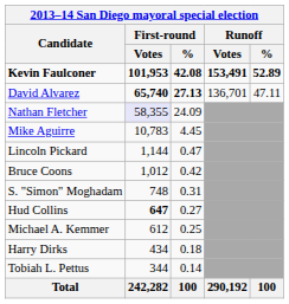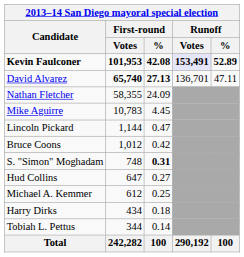 <table class=wikitable>
 <tr>
 <th colspan=5><a href='#'>2013–14 San Diego mayoral special election</a></th>
 </tr>
 <tr>
 <th colspan=1 rowspan=2>Candidate</th>
 <th colspan=2><strong>First-round</strong></th>
 <th colspan=2><strong>Runoff</strong></th>
 </tr>
 <tr>
 <th>Votes</th>
 <th>%</th>
 <th>Votes</th>
 <th>%</th>
 </tr>
 <tr>
 <td><strong>Kevin Faulconer</strong></td>
 <td align="right"><strong>101,953</strong></td>
 <td align="right"><strong>42.08</strong></td>
-<td align="right"><strong>153,491</strong></td>
+<td align="right" style="background: lavender;"><strong>153,491</strong></td>
 <td align="right"><strong>52.89</strong></td>
 </tr>
 <tr>
 <td><a href='#'>David Alvarez</a></td>
 <td align="right"><strong>65,740</strong></td>
 <td align="right"><strong>27.13</strong></td>
 <td align="right">136,701</td>
 <td align="right">47.11</td>
 </tr>
 <tr>
 <td><a href='#'>Nathan Fletcher</a></td>
-<td align="right" style="background: lavender;">58,355</td>
+<td align="right">58,355</td>
 <td align="right">24.09</td>
 <td colspan=2 bgcolor=darkgray></td>
 </tr>
 <tr>
 <td><a href='#'>Mike Aguirre</a></td>
 <td align="right">10,783</td>
 <td align="right">4.45</td>
 <td colspan=2 bgcolor=darkgray></td>
 </tr>
 <tr>
 <td>Lincoln Pickard</td>
 <td align="right">1,144</td>
 <td align="right">0.47</td>
 <td colspan=2 bgcolor=darkgray></td>
 </tr>
 <tr>
 <td>Bruce Coons</td>
 <td align="right">1,012</td>
 <td align="right">0.42</td>
 <td colspan=2 bgcolor=darkgray></td>
 </tr>
 <tr>
 <td>S. "Simon" Moghadam</td>
 <td align="right">748</td>
-<td align="right">0.31</td>
+<td align="right"><strong>0.31</strong></td>
 <td colspan=2 bgcolor=darkgray></td>
 </tr>
 <tr>
 <td>Hud Collins</td>
-<td align="right"><strong>647</strong></td>
+<td align="right">647</td>
 <td align="right">0.27</td>
 <td colspan=2 bgcolor=darkgray></td>
 </tr>
 <tr>
 <td>Michael A. Kemmer</td>
 <td align="right">612</td>
 <td align="right">0.25</td>
 <td colspan=2 bgcolor=darkgray></td>
 </tr>
 <tr>
 <td>Harry Dirks</td>
 <td align="right">434</td>
 <td align="right">0.18</td>
 <td colspan=2 bgcolor=darkgray></td>
 </tr>
 <tr>
 <td>Tobiah L. Pettus</td>
 <td align="right">344</td>
 <td align="right">0.14</td>
 <td colspan=2 bgcolor=darkgray></td>
 </tr>
 <tr>
 <th>Total</th>
 <th>242,282</th>
 <th>100</th>
 <th>290,192</th>
 <th>100</th>
 </tr>
 </table>
